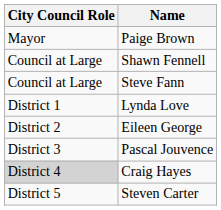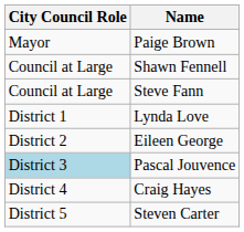 <table class="wikitable">
 <tr>
 <th>City Council Role</th>
 <th>Name</th>
 </tr>
 <tr>
 <td>Mayor</td>
 <td>Paige Brown</td>
 </tr>
 <tr>
 <td>Council at Large</td>
 <td>Shawn Fennell</td>
 </tr>
 <tr>
 <td>Council at Large</td>
 <td>Steve Fann</td>
 </tr>
 <tr>
 <td>District 1</td>
 <td>Lynda Love</td>
 </tr>
 <tr>
 <td>District 2</td>
 <td>Eileen George</td>
 </tr>
 <tr>
-<td>District 3</td>
+<td style="background: lightblue;">District 3</td>
 <td>Pascal Jouvence</td>
 </tr>
 <tr>
-<td style="background: lightgrey;">District 4</td>
+<td>District 4</td>
 <td>Craig Hayes</td>
 </tr>
 <tr>
 <td>District 5</td>
 <td>Steven Carter</td>
 </tr>
 </table>
